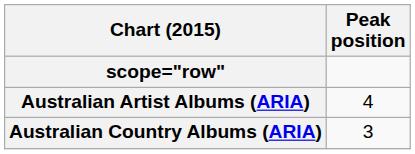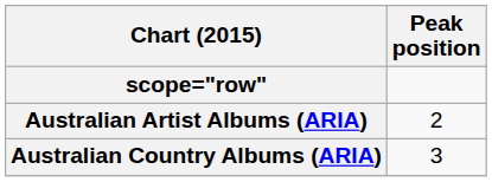 <table class="wikitable sortable plainrowheaders">
 <tr>
 <th scope="col">Chart (2015)</th>
 <th scope="col">Peak<br>position</th>
 </tr>
 <tr>
 <th>scope="row"</th>
 </tr>
 <tr>
 <th scope="row">Australian Artist Albums (<a href='#'>ARIA</a>)</th>
-<td align="center">4</td>
+<td align="center">2</td>
 </tr>
 <tr>
 <th scope="row">Australian Country Albums (<a href='#'>ARIA</a>)</th>
 <td align="center">3</td>
 </tr>
 <tr>
 </tr>
 </table>
